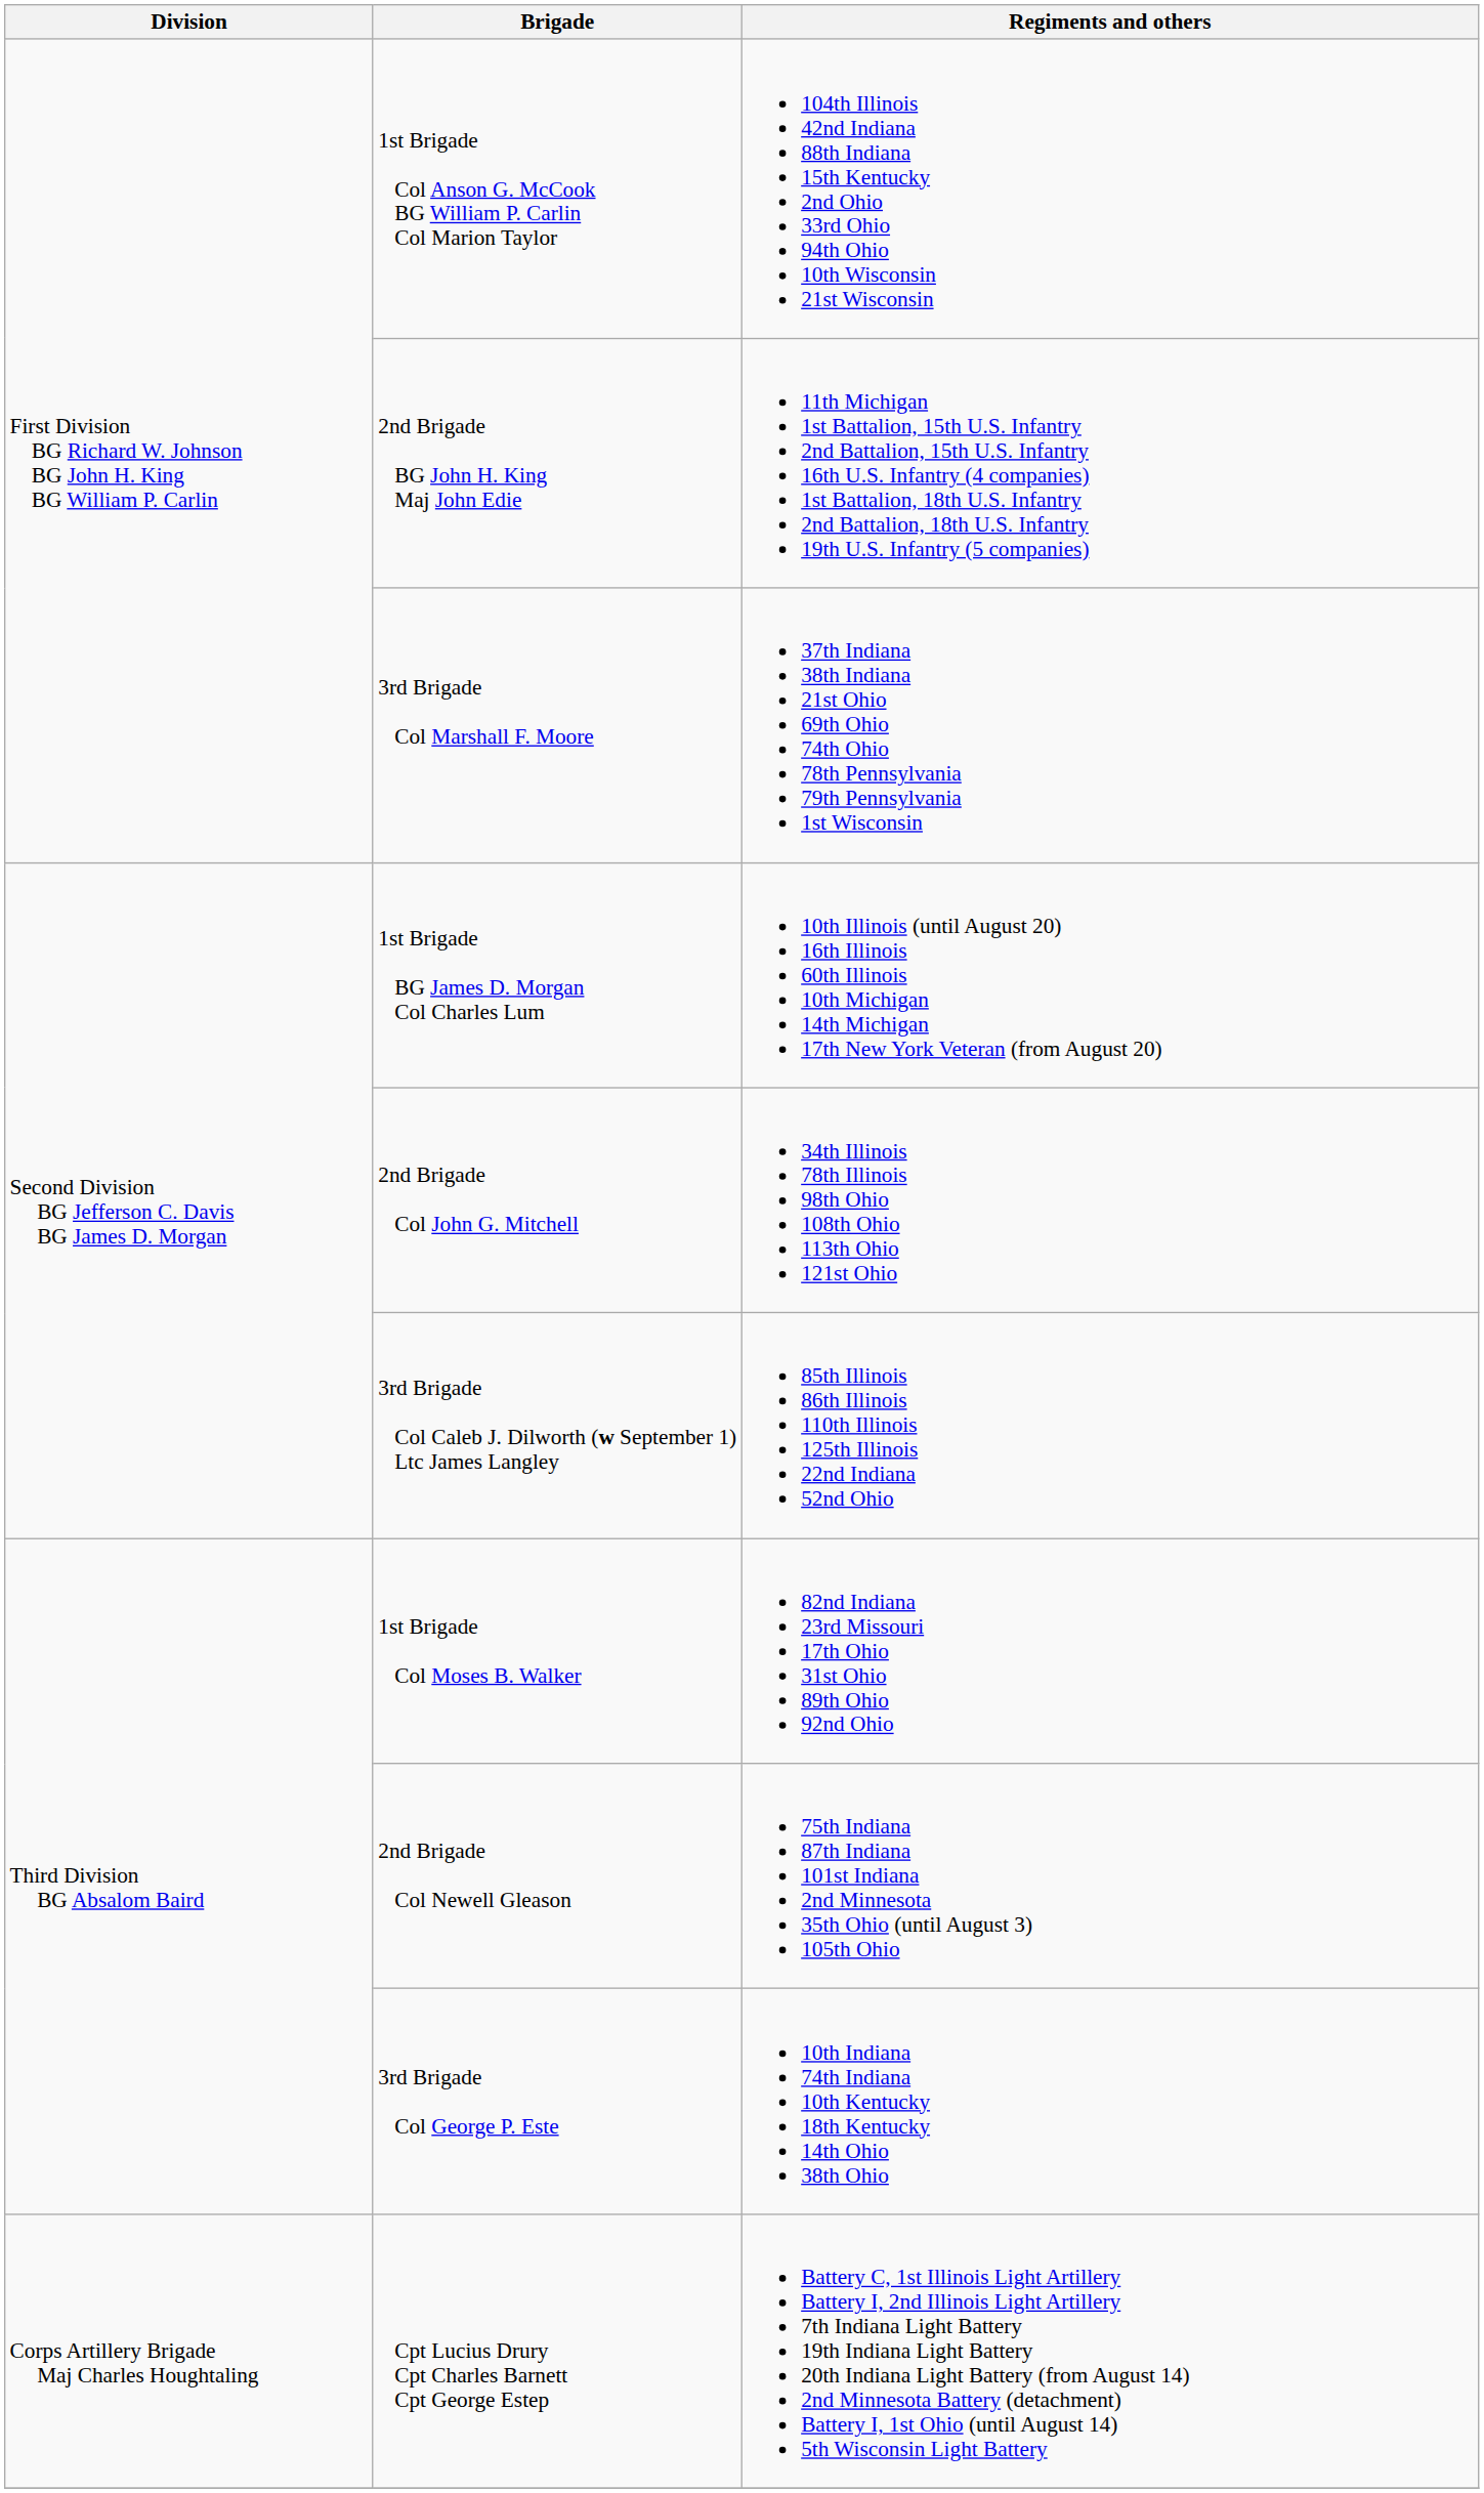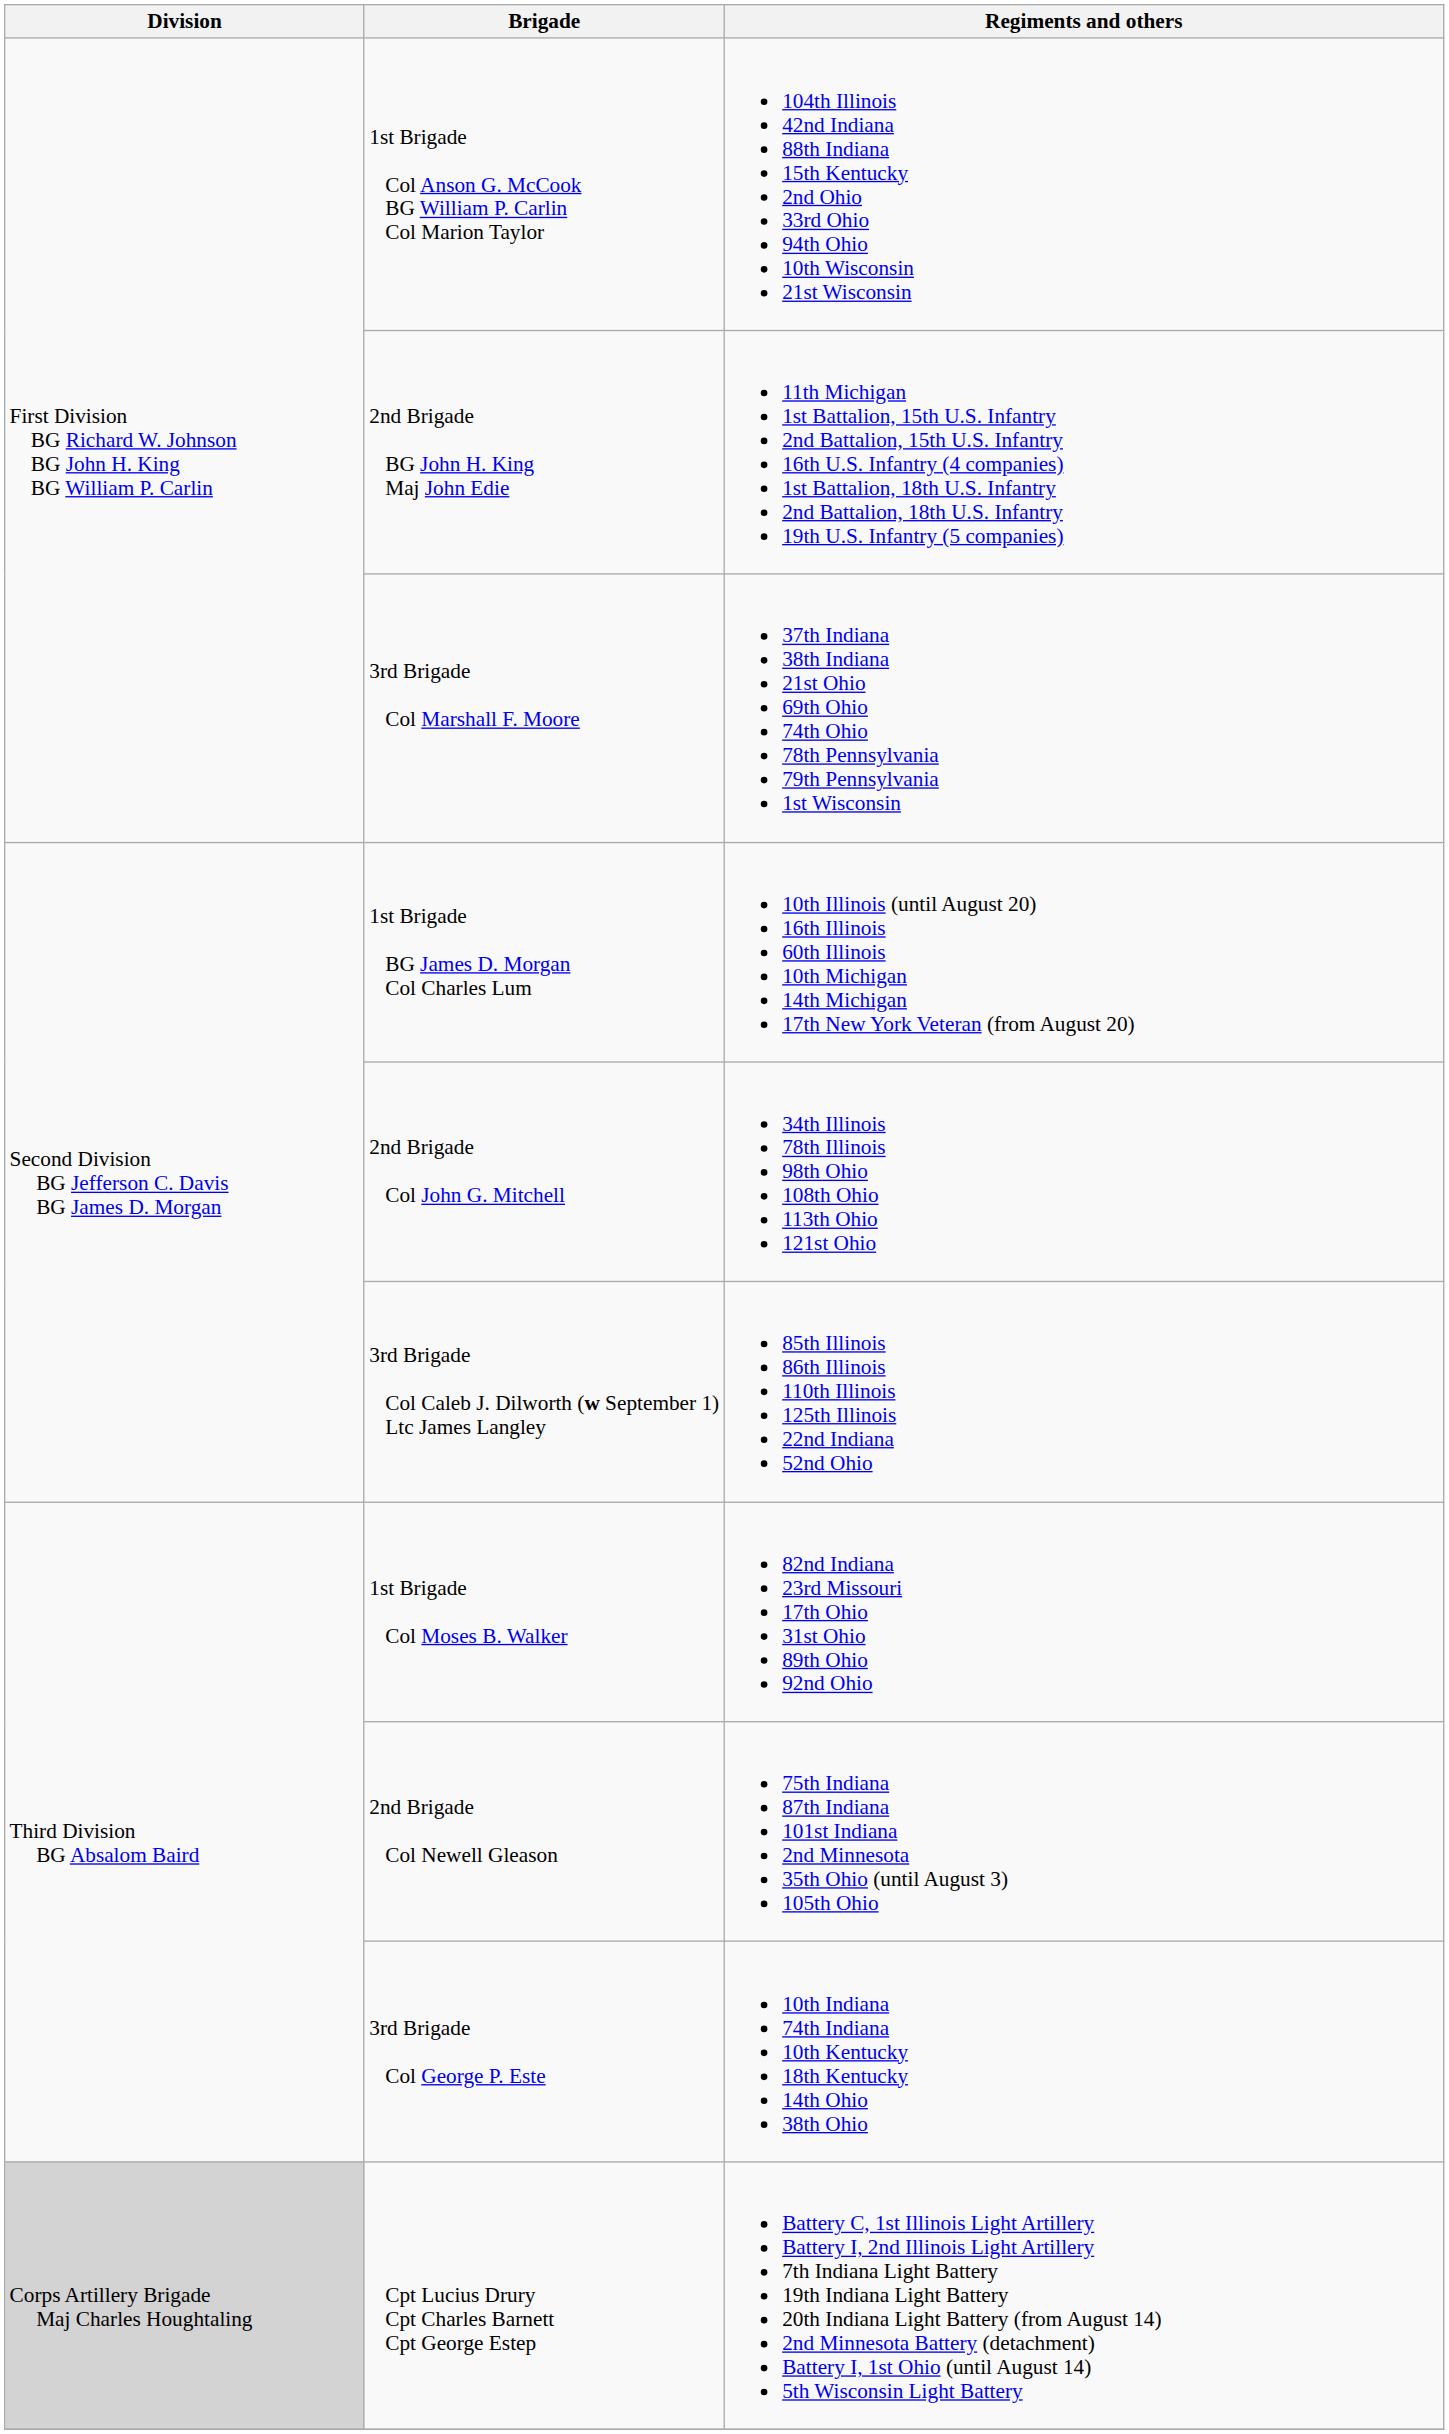 <table class="wikitable">
 <tr>
 <th width=25%>Division</th>
 <th width=25%>Brigade</th>
 <th>Regiments and others</th>
 </tr>
 <tr>
 <td rowspan=3><br>First Division <br>    BG <a href='#'>Richard W. Johnson</a><br>    BG <a href='#'>John H. King</a><br>    BG <a href='#'>William P. Carlin</a></td>
 <td>1st Brigade<br><br>   Col <a href='#'>Anson G. McCook</a><br>   BG <a href='#'>William P. Carlin</a><br>   Col Marion Taylor</td>
 <td><br><ul><li><a href='#'>104th Illinois</a></li><li><a href='#'>42nd Indiana</a></li><li><a href='#'>88th Indiana</a></li><li><a href='#'>15th Kentucky</a></li><li><a href='#'>2nd Ohio</a></li><li><a href='#'>33rd Ohio</a></li><li><a href='#'>94th Ohio</a></li><li><a href='#'>10th Wisconsin</a></li><li><a href='#'>21st Wisconsin</a></li></ul></td>
 </tr>
 <tr>
 <td>2nd Brigade<br><br>   BG <a href='#'>John H. King</a><br>   Maj <a href='#'>John Edie</a></td>
 <td><br><ul><li><a href='#'>11th Michigan</a></li><li><a href='#'>1st Battalion, 15th U.S. Infantry</a></li><li><a href='#'>2nd Battalion, 15th U.S. Infantry</a></li><li><a href='#'>16th U.S. Infantry (4 companies)</a></li><li><a href='#'>1st Battalion, 18th U.S. Infantry</a></li><li><a href='#'>2nd Battalion, 18th U.S. Infantry</a></li><li><a href='#'>19th U.S. Infantry (5 companies)</a></li></ul></td>
 </tr>
 <tr>
 <td>3rd Brigade<br><br>   Col <a href='#'>Marshall F. Moore</a><br>  </td>
 <td><br><ul><li><a href='#'>37th Indiana</a></li><li><a href='#'>38th Indiana</a></li><li><a href='#'>21st Ohio</a></li><li><a href='#'>69th Ohio</a></li><li><a href='#'>74th Ohio</a></li><li><a href='#'>78th Pennsylvania</a></li><li><a href='#'>79th Pennsylvania</a></li><li><a href='#'>1st Wisconsin</a></li></ul></td>
 </tr>
 <tr>
 <td rowspan=3><br>Second Division <br>     BG <a href='#'>Jefferson C. Davis</a><br>     BG <a href='#'>James D. Morgan</a></td>
 <td>1st Brigade<br><br>   BG <a href='#'>James D. Morgan</a><br>   Col Charles Lum</td>
 <td><br><ul><li><a href='#'>10th Illinois</a> (until August 20)</li><li><a href='#'>16th Illinois</a></li><li><a href='#'>60th Illinois</a></li><li><a href='#'>10th Michigan</a></li><li><a href='#'>14th Michigan</a></li><li><a href='#'>17th New York Veteran</a> (from August 20)</li></ul></td>
 </tr>
 <tr>
 <td>2nd Brigade<br><br>   Col <a href='#'>John G. Mitchell</a></td>
 <td><br><ul><li><a href='#'>34th Illinois</a></li><li><a href='#'>78th Illinois</a></li><li><a href='#'>98th Ohio</a></li><li><a href='#'>108th Ohio</a></li><li><a href='#'>113th Ohio</a></li><li><a href='#'>121st Ohio</a></li></ul></td>
 </tr>
 <tr>
 <td>3rd Brigade<br><br>   Col Caleb J. Dilworth (<strong>w</strong> September 1)<br>   Ltc James Langley</td>
 <td><br><ul><li><a href='#'>85th Illinois</a></li><li><a href='#'>86th Illinois</a></li><li><a href='#'>110th Illinois</a></li><li><a href='#'>125th Illinois</a></li><li><a href='#'>22nd Indiana</a></li><li><a href='#'>52nd Ohio</a></li></ul></td>
 </tr>
 <tr>
 <td rowspan=3><br>Third Division <br>     BG <a href='#'>Absalom Baird</a></td>
 <td>1st Brigade<br><br>   Col <a href='#'>Moses B. Walker</a></td>
 <td><br><ul><li><a href='#'>82nd Indiana</a></li><li><a href='#'>23rd Missouri</a></li><li><a href='#'>17th Ohio</a></li><li><a href='#'>31st Ohio</a></li><li><a href='#'>89th Ohio</a></li><li><a href='#'>92nd Ohio</a></li></ul></td>
 </tr>
 <tr>
 <td>2nd Brigade<br><br>   Col Newell Gleason</td>
 <td><br><ul><li><a href='#'>75th Indiana</a></li><li><a href='#'>87th Indiana</a></li><li><a href='#'>101st Indiana</a></li><li><a href='#'>2nd Minnesota</a></li><li><a href='#'>35th Ohio</a> (until August 3)</li><li><a href='#'>105th Ohio</a></li></ul></td>
 </tr>
 <tr>
 <td>3rd Brigade<br><br>   Col <a href='#'>George P. Este</a></td>
 <td><br><ul><li><a href='#'>10th Indiana</a></li><li><a href='#'>74th Indiana</a></li><li><a href='#'>10th Kentucky</a></li><li><a href='#'>18th Kentucky</a></li><li><a href='#'>14th Ohio</a></li><li><a href='#'>38th Ohio</a></li></ul></td>
 </tr>
 <tr>
-<td rowspan=1><br>Corps Artillery Brigade <br>     Maj Charles Houghtaling</td>
+<td rowspan=1 style="background: lightgrey;"><br>Corps Artillery Brigade <br>     Maj Charles Houghtaling</td>
 <td><br><br>   Cpt Lucius Drury<br>   Cpt Charles Barnett<br>   Cpt George Estep</td>
 <td><br><ul><li><a href='#'>Battery C, 1st Illinois Light Artillery</a></li><li><a href='#'>Battery I, 2nd Illinois Light Artillery</a></li><li>7th Indiana Light Battery</li><li>19th Indiana Light Battery</li><li>20th Indiana Light Battery (from August 14)</li><li><a href='#'>2nd Minnesota Battery</a> (detachment)</li><li><a href='#'>Battery I, 1st Ohio</a> (until August 14)</li><li><a href='#'>5th Wisconsin Light Battery</a></li></ul></td>
 </tr>
 <tr>
 </tr>
 </table>
